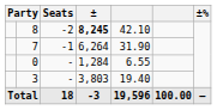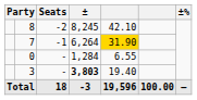 <table class=wikitable>
 <tr>
 <th colspan=2 align=center>Party</th>
 <th>Seats</th>
 <th>±</th>
 <th></th>
 <th></th>
 <th>±%</th>
 </tr>
 <tr>
 <td></td>
 <td align=right>8</td>
 <td align=right>-2</td>
-<td align=right><strong>8,245</strong></td>
+<td align=right>8,245</td>
 <td align=right>42.10</td>
 <td align=right></td>
 </tr>
 <tr>
 <td></td>
 <td align=right>7</td>
 <td align=right>-1</td>
 <td align=right>6,264</td>
-<td align=right>31.90</td>
+<td align=right style="background: gold;">31.90</td>
 <td align=right></td>
 </tr>
 <tr>
 <td></td>
 <td align=right>0</td>
 <td align=right>-</td>
 <td align=right>1,284</td>
 <td align=right>6.55</td>
 <td align=right></td>
 </tr>
 <tr>
 <td></td>
 <td align=right>3</td>
 <td align=right>-</td>
-<td align=right>3,803</td>
+<td align=right><strong>3,803</strong></td>
 <td align=right>19.40</td>
 <td align=right></td>
 </tr>
 <tr style="font-weight:bold; background:rgb(232,232,232);">
 <td colspan=2 align=center>Total</td>
 <td align=right>18</td>
 <td align=center>-3</td>
 <td align=right>19,596</td>
 <td align=center>100.00</td>
 <td align=center>—</td>
 </tr>
 </table>
